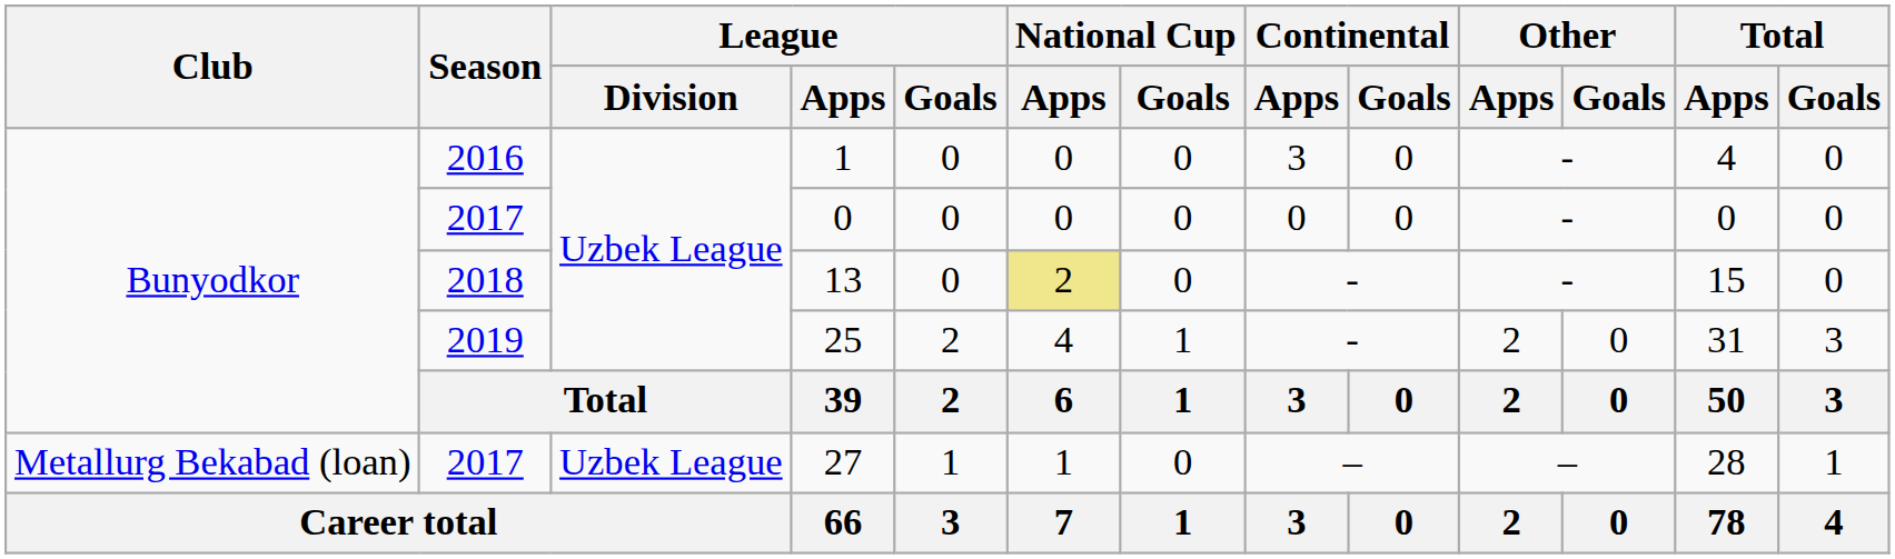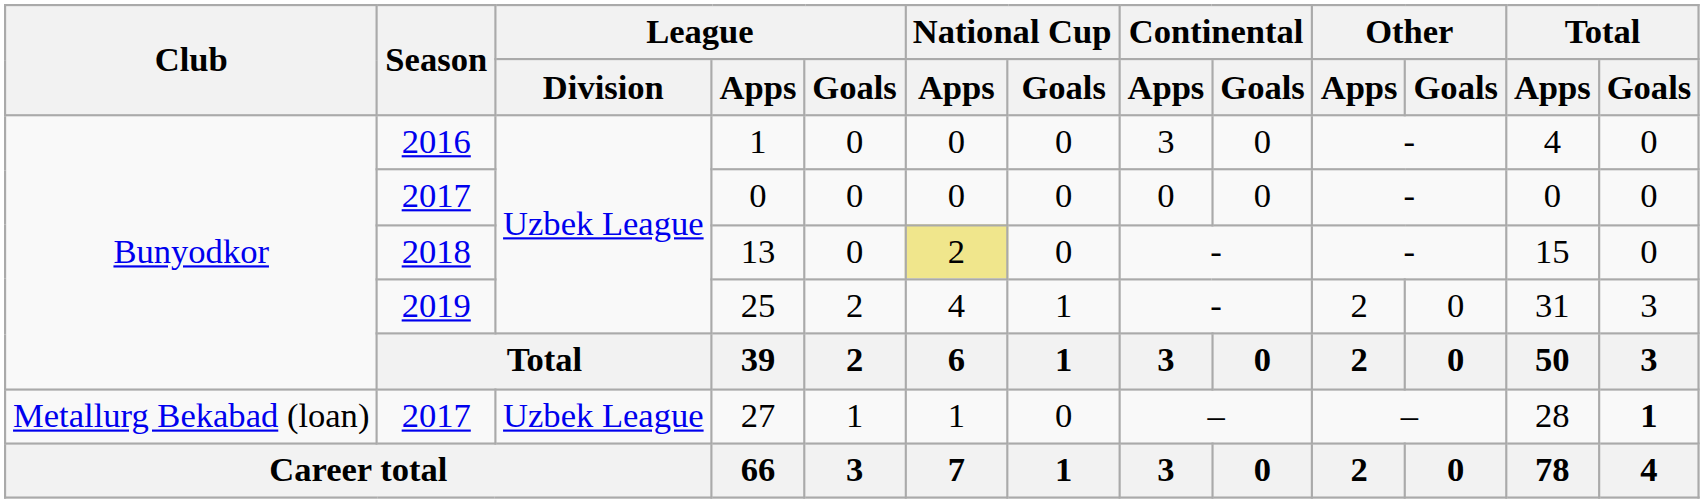 <table class="wikitable" style="text-align: center;">
 <tr>
 <th rowspan="2">Club</th>
 <th rowspan="2">Season</th>
 <th colspan="3">League</th>
 <th colspan="2">National Cup</th>
 <th colspan="2">Continental</th>
 <th colspan="2">Other</th>
 <th colspan="2">Total</th>
 </tr>
 <tr>
 <th>Division</th>
 <th>Apps</th>
 <th>Goals</th>
 <th>Apps</th>
 <th>Goals</th>
 <th>Apps</th>
 <th>Goals</th>
 <th>Apps</th>
 <th>Goals</th>
 <th>Apps</th>
 <th>Goals</th>
 </tr>
 <tr>
 <td rowspan="5" valign="center"><a href='#'>Bunyodkor</a></td>
 <td><a href='#'>2016</a></td>
 <td rowspan="4" valign="center"><a href='#'>Uzbek League</a></td>
 <td>1</td>
 <td>0</td>
 <td>0</td>
 <td>0</td>
 <td>3</td>
 <td>0</td>
 <td colspan="2">-</td>
 <td>4</td>
 <td>0</td>
 </tr>
 <tr>
 <td><a href='#'>2017</a></td>
 <td>0</td>
 <td>0</td>
 <td>0</td>
 <td>0</td>
 <td>0</td>
 <td>0</td>
 <td colspan="2">-</td>
 <td>0</td>
 <td>0</td>
 </tr>
 <tr>
 <td><a href='#'>2018</a></td>
 <td>13</td>
 <td>0</td>
 <td style="background: khaki;">2</td>
 <td>0</td>
 <td colspan="2">-</td>
 <td colspan="2">-</td>
 <td>15</td>
 <td>0</td>
 </tr>
 <tr>
 <td><a href='#'>2019</a></td>
 <td>25</td>
 <td>2</td>
 <td>4</td>
 <td>1</td>
 <td colspan="2">-</td>
 <td>2</td>
 <td>0</td>
 <td>31</td>
 <td>3</td>
 </tr>
 <tr>
 <th colspan="2">Total</th>
 <th>39</th>
 <th>2</th>
 <th>6</th>
 <th>1</th>
 <th>3</th>
 <th>0</th>
 <th>2</th>
 <th>0</th>
 <th>50</th>
 <th>3</th>
 </tr>
 <tr>
 <td><a href='#'>Metallurg Bekabad</a> (loan)</td>
 <td><a href='#'>2017</a></td>
 <td><a href='#'>Uzbek League</a></td>
 <td>27</td>
 <td>1</td>
 <td>1</td>
 <td>0</td>
 <td colspan="2">–</td>
 <td colspan="2">–</td>
 <td>28</td>
-<td>1</td>
+<td><strong>1</strong></td>
 </tr>
 <tr>
 <th colspan="3">Career total</th>
 <th>66</th>
 <th>3</th>
 <th>7</th>
 <th>1</th>
 <th>3</th>
 <th>0</th>
 <th>2</th>
 <th>0</th>
 <th>78</th>
 <th>4</th>
 </tr>
 </table>
